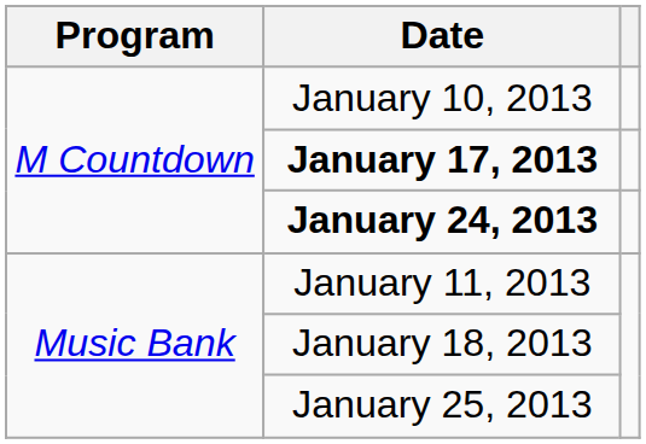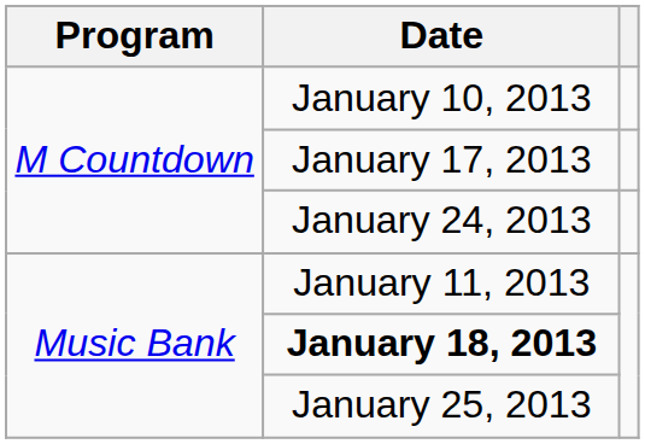 <table class="wikitable" style="text-align:center">
 <tr>
 <th>Program</th>
 <th width="140">Date</th>
 <th></th>
 </tr>
 <tr>
 <td rowspan="3"><em><a href='#'>M Countdown</a></em></td>
 <td>January 10, 2013</td>
 <td></td>
 </tr>
 <tr>
-<td><strong>January 17, 2013</strong></td>
+<td>January 17, 2013</td>
 <td></td>
 </tr>
 <tr>
-<td><strong>January 24, 2013</strong></td>
+<td>January 24, 2013</td>
 <td></td>
 </tr>
 <tr>
 <td rowspan="3"><em><a href='#'>Music Bank</a></em></td>
 <td>January 11, 2013</td>
 <td rowspan="3"></td>
 </tr>
 <tr>
-<td>January 18, 2013</td>
+<td><strong>January 18, 2013</strong></td>
 </tr>
 <tr>
 <td>January 25, 2013</td>
 </tr>
 </table>
